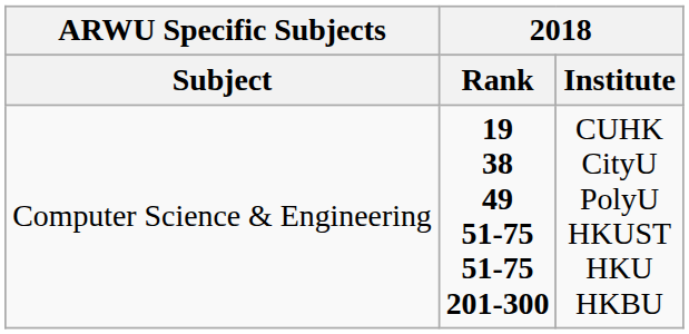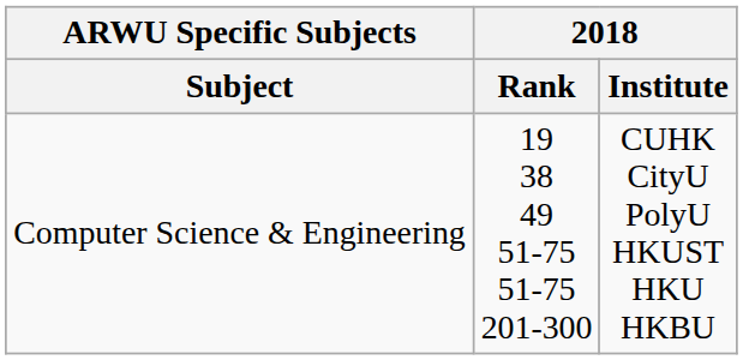 <table class="wikitable" style="float:left">
 <tr>
 <th>ARWU Specific Subjects</th>
 <th colspan=2>2018</th>
 </tr>
 <tr>
 <th>Subject</th>
 <th>Rank</th>
 <th>Institute</th>
 </tr>
 <tr align=center valign=top>
 <td valign=middle>Computer Science & Engineering</td>
-<td><strong> 19<br> 38<br> 49<br> 51-75<br> 51-75<br> 201-300</strong></td>
+<td> 19<br> 38<br> 49<br> 51-75<br> 51-75<br> 201-300</td>
 <td>CUHK<br> CityU<br> PolyU<br> HKUST<br> HKU<br> HKBU</td>
 </tr>
 </table>
